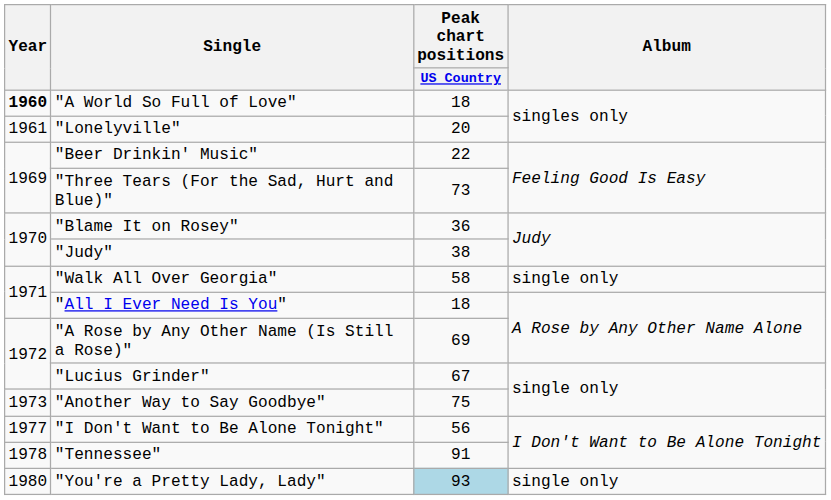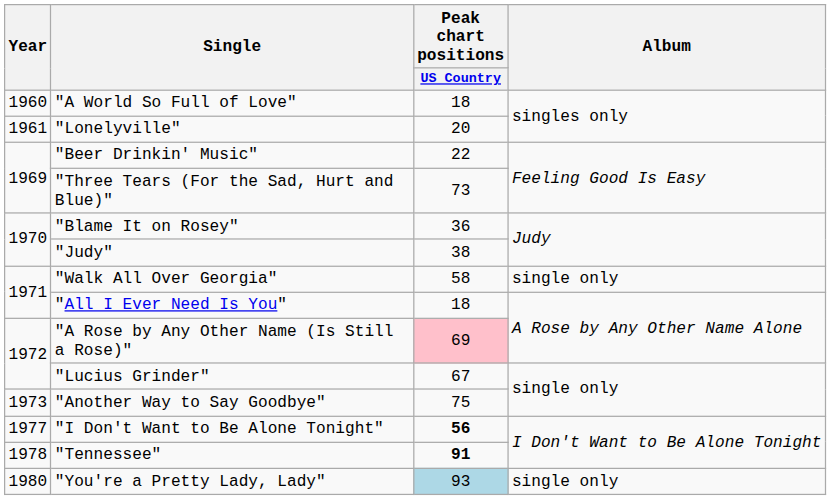 <table class="wikitable plainrowheaders" style="text-align:left;">
 <tr>
 <th rowspan="2">Year</th>
 <th rowspan="2" style="width:22em;">Single</th>
 <th colspan="1">Peak chart<br>positions</th>
 <th rowspan="2">Album</th>
 </tr>
 <tr style="font-size:smaller;">
 <th width="45"><a href='#'>US Country</a></th>
 </tr>
 <tr>
-<td><strong>1960</strong></td>
+<td>1960</td>
 <td>"A World So Full of Love"</td>
 <td align=center>18</td>
 <td rowspan=2>singles only</td>
 </tr>
 <tr>
 <td>1961</td>
 <td>"Lonelyville"</td>
 <td align=center>20</td>
 </tr>
 <tr>
 <td rowspan=2>1969</td>
 <td>"Beer Drinkin' Music"</td>
 <td align=center>22</td>
 <td rowspan=2><em>Feeling Good Is Easy</em></td>
 </tr>
 <tr>
 <td>"Three Tears (For the Sad, Hurt and Blue)"</td>
 <td align=center>73</td>
 </tr>
 <tr>
 <td rowspan=2>1970</td>
 <td>"Blame It on Rosey"</td>
 <td align=center>36</td>
 <td rowspan=2><em>Judy</em></td>
 </tr>
 <tr>
 <td>"Judy"</td>
 <td align=center>38</td>
 </tr>
 <tr>
 <td rowspan=2>1971</td>
 <td>"Walk All Over Georgia"</td>
 <td align=center>58</td>
 <td>single only</td>
 </tr>
 <tr>
 <td>"<a href='#'>All I Ever Need Is You</a>"</td>
 <td align=center>18</td>
 <td rowspan=2><em>A Rose by Any Other Name Alone</em></td>
 </tr>
 <tr>
 <td rowspan=2>1972</td>
 <td>"A Rose by Any Other Name (Is Still a Rose)"</td>
-<td align=center>69</td>
+<td align=center style="background: pink;">69</td>
 </tr>
 <tr>
 <td>"Lucius Grinder"</td>
 <td align=center>67</td>
 <td rowspan=2>single only</td>
 </tr>
 <tr>
 <td>1973</td>
 <td>"Another Way to Say Goodbye"</td>
 <td align=center>75</td>
 </tr>
 <tr>
 <td>1977</td>
 <td>"I Don't Want to Be Alone Tonight"</td>
-<td align=center>56</td>
+<td align=center><strong>56</strong></td>
 <td rowspan=2><em>I Don't Want to Be Alone Tonight</em></td>
 </tr>
 <tr>
 <td>1978</td>
 <td>"Tennessee"</td>
-<td align=center>91</td>
+<td align=center><strong>91</strong></td>
 </tr>
 <tr>
 <td>1980</td>
 <td>"You're a Pretty Lady, Lady"</td>
 <td align=center style="background: lightblue;">93</td>
 <td>single only</td>
 </tr>
 </table>
